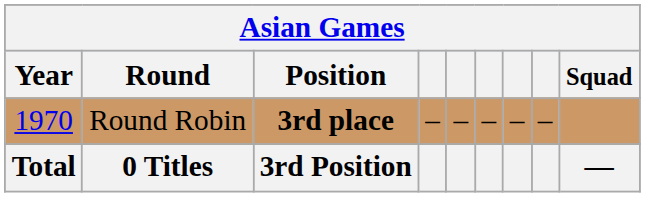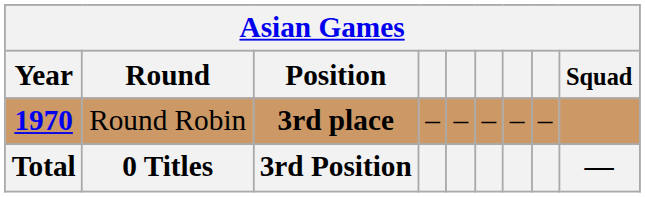 <table class="wikitable" style="text-align: center;">
 <tr bgcolor=#9acdff>
 <th colspan=9><a href='#'>Asian Games</a></th>
 </tr>
 <tr>
 <th>Year</th>
 <th>Round</th>
 <th>Position</th>
 <th></th>
 <th></th>
 <th></th>
 <th></th>
 <th></th>
 <th><small>Squad</small></th>
 </tr>
 <tr bgcolor=#cc9966>
-<td> <a href='#'>1970</a></td>
+<td><strong> <a href='#'>1970</a></strong></td>
 <td>Round Robin</td>
 <td><strong>3rd place</strong></td>
 <td>–</td>
 <td>–</td>
 <td>–</td>
 <td>–</td>
 <td>–</td>
 <td></td>
 </tr>
 <tr>
 <th>Total</th>
 <th>0 Titles</th>
 <th>3rd Position</th>
 <th></th>
 <th></th>
 <th></th>
 <th></th>
 <th></th>
 <th>—</th>
 </tr>
 </table>
